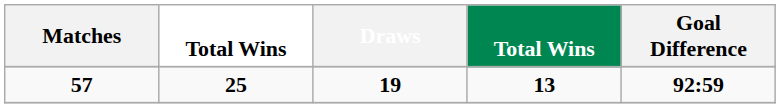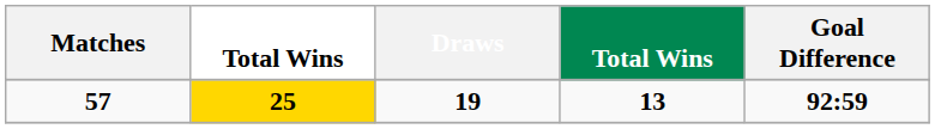 <table class="wikitable" style="text-align:center;font-size:95%">
 <tr>
 <th width="100">Matches</th>
 <th style="width:100px; background:#FFFFFF; color:#000000"><br>Total Wins</th>
 <th style="width:100px; background:#grey; color:#FFFFFF">Draws</th>
 <th style="width:100px; background:#008751; color:#FFFFFF"><br>Total Wins</th>
 <th width="100">Goal<br>Difference</th>
 </tr>
 <tr>
 </tr>
 <tr>
 <td><strong>57</strong></td>
-<td><strong>25</strong></td>
+<td style="background: gold;"><strong>25</strong></td>
 <td><strong>19</strong></td>
 <td><strong>13</strong></td>
 <td><strong>92:59</strong></td>
 </tr>
 <tr>
 </tr>
 </table>
